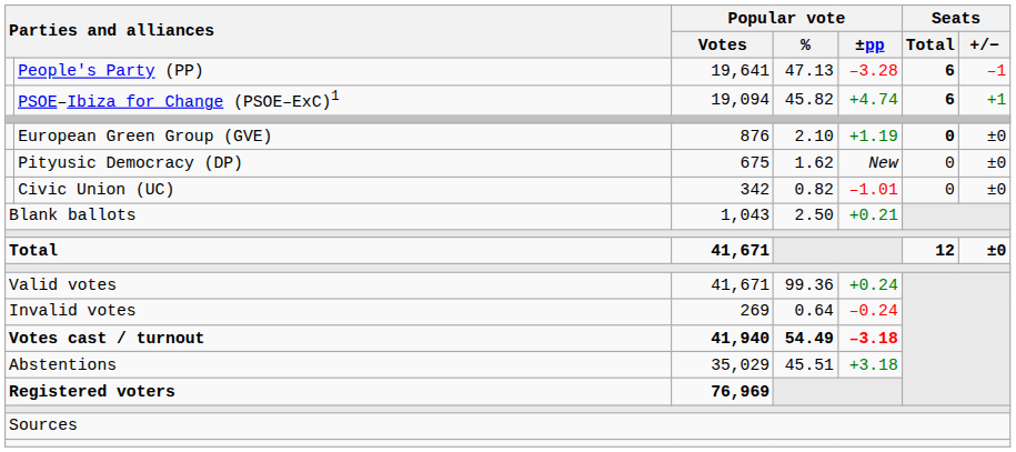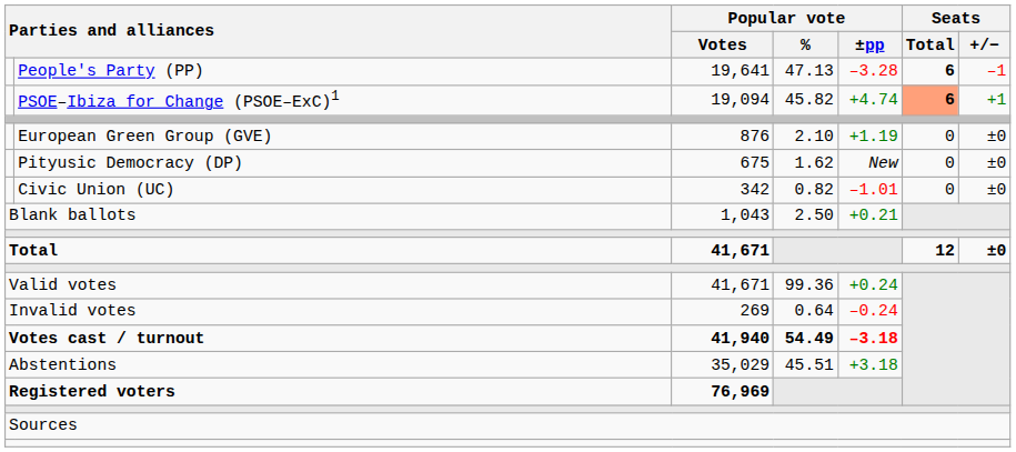 <table class="wikitable" style="text-align:right;">
 <tr>
 <th style="text-align:left;" rowspan="2" colspan="2" width="525">Parties and alliances</th>
 <th colspan="3">Popular vote</th>
 <th colspan="2">Seats</th>
 </tr>
 <tr>
 <th width="75">Votes</th>
 <th width="45">%</th>
 <th width="45">±<a href='#'>pp</a></th>
 <th width="35">Total</th>
 <th width="35">+/−</th>
 </tr>
 <tr>
 <td width="1" style="color:inherit;background:"></td>
 <td align="left"><a href='#'>People's Party</a> (PP)</td>
 <td>19,641</td>
 <td>47.13</td>
 <td style="color:red;">–3.28</td>
 <td><strong>6</strong></td>
 <td style="color:red;">–1</td>
 </tr>
 <tr>
 <td style="color:inherit;background:"></td>
 <td align="left"><a href='#'>PSOE</a>–<a href='#'>Ibiza for Change</a> (PSOE–ExC)<sup>1</sup></td>
 <td>19,094</td>
 <td>45.82</td>
 <td style="color:green;">+4.74</td>
-<td><strong>6</strong></td>
+<td style="background: lightsalmon;"><strong>6</strong></td>
 <td style="color:green;">+1</td>
 </tr>
 <tr>
 <td colspan="7" bgcolor="#C0C0C0"></td>
 </tr>
 <tr>
 <td style="color:inherit;background:"></td>
 <td align="left">European Green Group (GVE)</td>
 <td>876</td>
 <td>2.10</td>
 <td style="color:green;">+1.19</td>
-<td><strong>0</strong></td>
+<td>0</td>
 <td>±0</td>
 </tr>
 <tr>
 <td style="color:inherit;background:"></td>
 <td align="left">Pityusic Democracy (DP)</td>
 <td>675</td>
 <td>1.62</td>
 <td><em>New</em></td>
 <td>0</td>
 <td>±0</td>
 </tr>
 <tr>
 <td style="color:inherit;background:"></td>
 <td align="left">Civic Union (UC)</td>
 <td>342</td>
 <td>0.82</td>
 <td style="color:red;">–1.01</td>
 <td>0</td>
 <td>±0</td>
 </tr>
 <tr>
 <td align="left" colspan="2">Blank ballots</td>
 <td>1,043</td>
 <td>2.50</td>
 <td style="color:green;">+0.21</td>
 <td bgcolor="#E9E9E9" colspan="2"></td>
 </tr>
 <tr>
 <td colspan="7" bgcolor="#E9E9E9"></td>
 </tr>
 <tr style="font-weight:bold;">
 <td align="left" colspan="2">Total</td>
 <td>41,671</td>
 <td bgcolor="#E9E9E9" colspan="2"></td>
 <td>12</td>
 <td>±0</td>
 </tr>
 <tr>
 <td colspan="7" bgcolor="#E9E9E9"></td>
 </tr>
 <tr>
 <td align="left" colspan="2">Valid votes</td>
 <td>41,671</td>
 <td>99.36</td>
 <td style="color:green;">+0.24</td>
 <td bgcolor="#E9E9E9" colspan="2" rowspan="5"></td>
 </tr>
 <tr>
 <td align="left" colspan="2">Invalid votes</td>
 <td>269</td>
 <td>0.64</td>
 <td style="color:red;">–0.24</td>
 </tr>
 <tr style="font-weight:bold;">
 <td align="left" colspan="2">Votes cast / turnout</td>
 <td>41,940</td>
 <td>54.49</td>
 <td style="color:red;">–3.18</td>
 </tr>
 <tr>
 <td align="left" colspan="2">Abstentions</td>
 <td>35,029</td>
 <td>45.51</td>
 <td style="color:green;">+3.18</td>
 </tr>
 <tr style="font-weight:bold;">
 <td align="left" colspan="2">Registered voters</td>
 <td>76,969</td>
 <td bgcolor="#E9E9E9" colspan="2"></td>
 </tr>
 <tr>
 <td colspan="7" bgcolor="#E9E9E9"></td>
 </tr>
 <tr>
 <td align="left" colspan="7">Sources</td>
 </tr>
 <tr>
 <td colspan="7" style="text-align:left; max-width:790px;"></td>
 </tr>
 </table>
